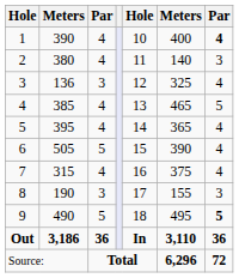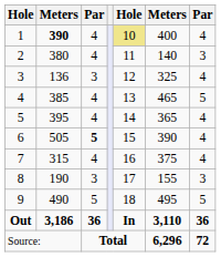 <table class="wikitable" style="text-align:center; font-size:100%;">
 <tr>
 <th>Hole</th>
 <th>Meters</th>
 <th>Par</th>
 <th></th>
 <th>Hole</th>
 <th>Meters</th>
 <th>Par</th>
 </tr>
 <tr>
 <td>1</td>
-<td>390</td>
+<td><strong>390</strong></td>
 <td>4</td>
 <td rowspan="10" style="background:#E6E8FA;"></td>
-<td>10</td>
+<td style="background: khaki;">10</td>
 <td>400</td>
-<td><strong>4</strong></td>
+<td>4</td>
 </tr>
 <tr>
 <td>2</td>
 <td>380</td>
 <td>4</td>
 <td>11</td>
 <td>140</td>
 <td>3</td>
 </tr>
 <tr>
 <td>3</td>
 <td>136</td>
 <td>3</td>
 <td>12</td>
 <td>325</td>
 <td>4</td>
 </tr>
 <tr>
 <td>4</td>
 <td>385</td>
 <td>4</td>
 <td>13</td>
 <td>465</td>
 <td>5</td>
 </tr>
 <tr>
 <td>5</td>
 <td>395</td>
 <td>4</td>
 <td>14</td>
 <td>365</td>
 <td>4</td>
 </tr>
 <tr>
 <td>6</td>
 <td>505</td>
-<td>5</td>
+<td><strong>5</strong></td>
 <td>15</td>
 <td>390</td>
 <td>4</td>
 </tr>
 <tr>
 <td>7</td>
 <td>315</td>
 <td>4</td>
 <td>16</td>
 <td>375</td>
 <td>4</td>
 </tr>
 <tr>
 <td>8</td>
 <td>190</td>
 <td>3</td>
 <td>17</td>
 <td>155</td>
 <td>3</td>
 </tr>
 <tr>
 <td>9</td>
 <td>490</td>
 <td>5</td>
 <td>18</td>
 <td>495</td>
-<td><strong>5</strong></td>
+<td>5</td>
 </tr>
 <tr>
 <td><strong>Out</strong></td>
 <td><strong>3,186</strong></td>
 <td><strong>36</strong></td>
 <td><strong>In</strong></td>
 <td><strong>3,110</strong></td>
 <td><strong>36</strong></td>
 </tr>
 <tr>
 <td colspan="2" align="left"><small>Source:</small></td>
 <td colspan="3"><strong>Total</strong></td>
 <td><strong>6,296</strong></td>
 <td><strong>72</strong></td>
 </tr>
 </table>
